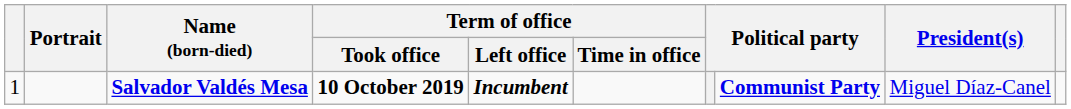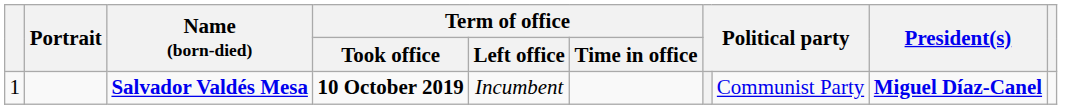 <table class="wikitable" style="text-align:center;">
 <tr>
 <th rowspan=2></th>
 <th rowspan=2>Portrait</th>
 <th rowspan=2>Name<br><small>(born-died)</small></th>
 <th colspan=3>Term of office</th>
 <th colspan=2 rowspan=2>Political party</th>
 <th rowspan=2><a href='#'>President(s)</a></th>
 <th rowspan=2></th>
 </tr>
 <tr>
 <th>Took office</th>
 <th>Left office</th>
 <th>Time in office</th>
 </tr>
 <tr>
 <td>1</td>
 <td></td>
 <td><strong><a href='#'>Salvador Valdés Mesa</a></strong><br></td>
 <td><strong>10 October 2019</strong></td>
-<td><strong><em>Incumbent</em></strong></td>
+<td><em>Incumbent</em></td>
 <td></td>
 <th style="background:"></th>
-<td><strong><a href='#'>Communist Party</a></strong></td>
-<td><a href='#'>Miguel Díaz-Canel</a></td>
+<td><a href='#'>Communist Party</a></td>
+<td><strong><a href='#'>Miguel Díaz-Canel</a></strong></td>
 <td></td>
 </tr>
 </table>
